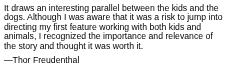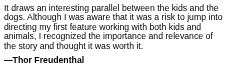 <table class="toccolours" style="float: right; margin-left: 1em; margin-right: 2em; font-size: 85%; color:black; width:28em; max-width: 40%;" cellspacing="5">
 <tr>
 <td style="text-align: left;">It draws an interesting parallel between the kids and the dogs. Although I was aware that it was a risk to jump into directing my first feature working with both kids and animals, I recognized the importance and relevance of the story and thought it was worth it.</td>
 </tr>
 <tr>
-<td style="text-align: left;">—Thor Freudenthal</td>
+<td style="text-align: left;"><strong>—Thor Freudenthal</strong></td>
 </tr>
 </table>
